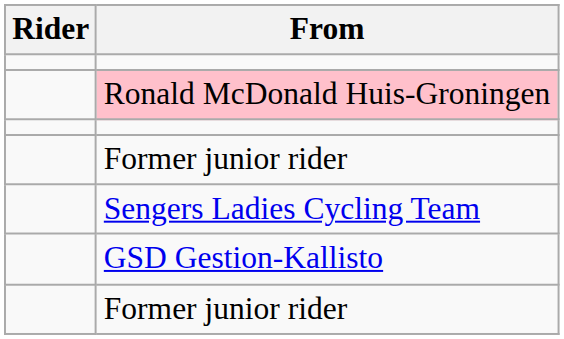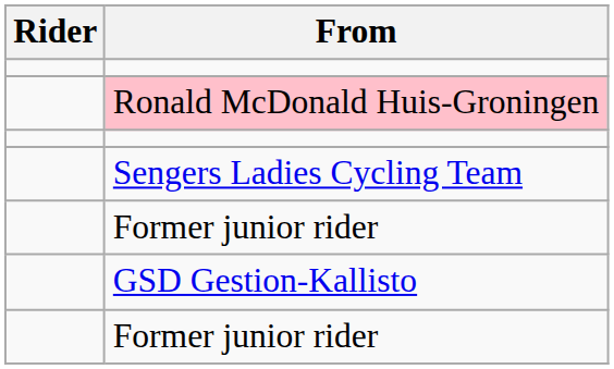 <table class="wikitable sortable">
 <tr>
 <th>Rider</th>
 <th>From</th>
 </tr>
 <tr>
 <td></td>
 <td></td>
 </tr>
 <tr>
 <td></td>
 <td style="background: pink;">Ronald McDonald Huis-Groningen</td>
 </tr>
 <tr>
 <td></td>
 <td></td>
 </tr>
 <tr>
 <td></td>
-<td>Former junior rider</td>
+<td><a href='#'>Sengers Ladies Cycling Team</a></td>
 </tr>
 <tr>
 <td></td>
-<td><a href='#'>Sengers Ladies Cycling Team</a></td>
+<td>Former junior rider</td>
 </tr>
 <tr>
 <td></td>
 <td><a href='#'>GSD Gestion-Kallisto</a></td>
 </tr>
 <tr>
 <td></td>
 <td>Former junior rider</td>
 </tr>
 </table>
